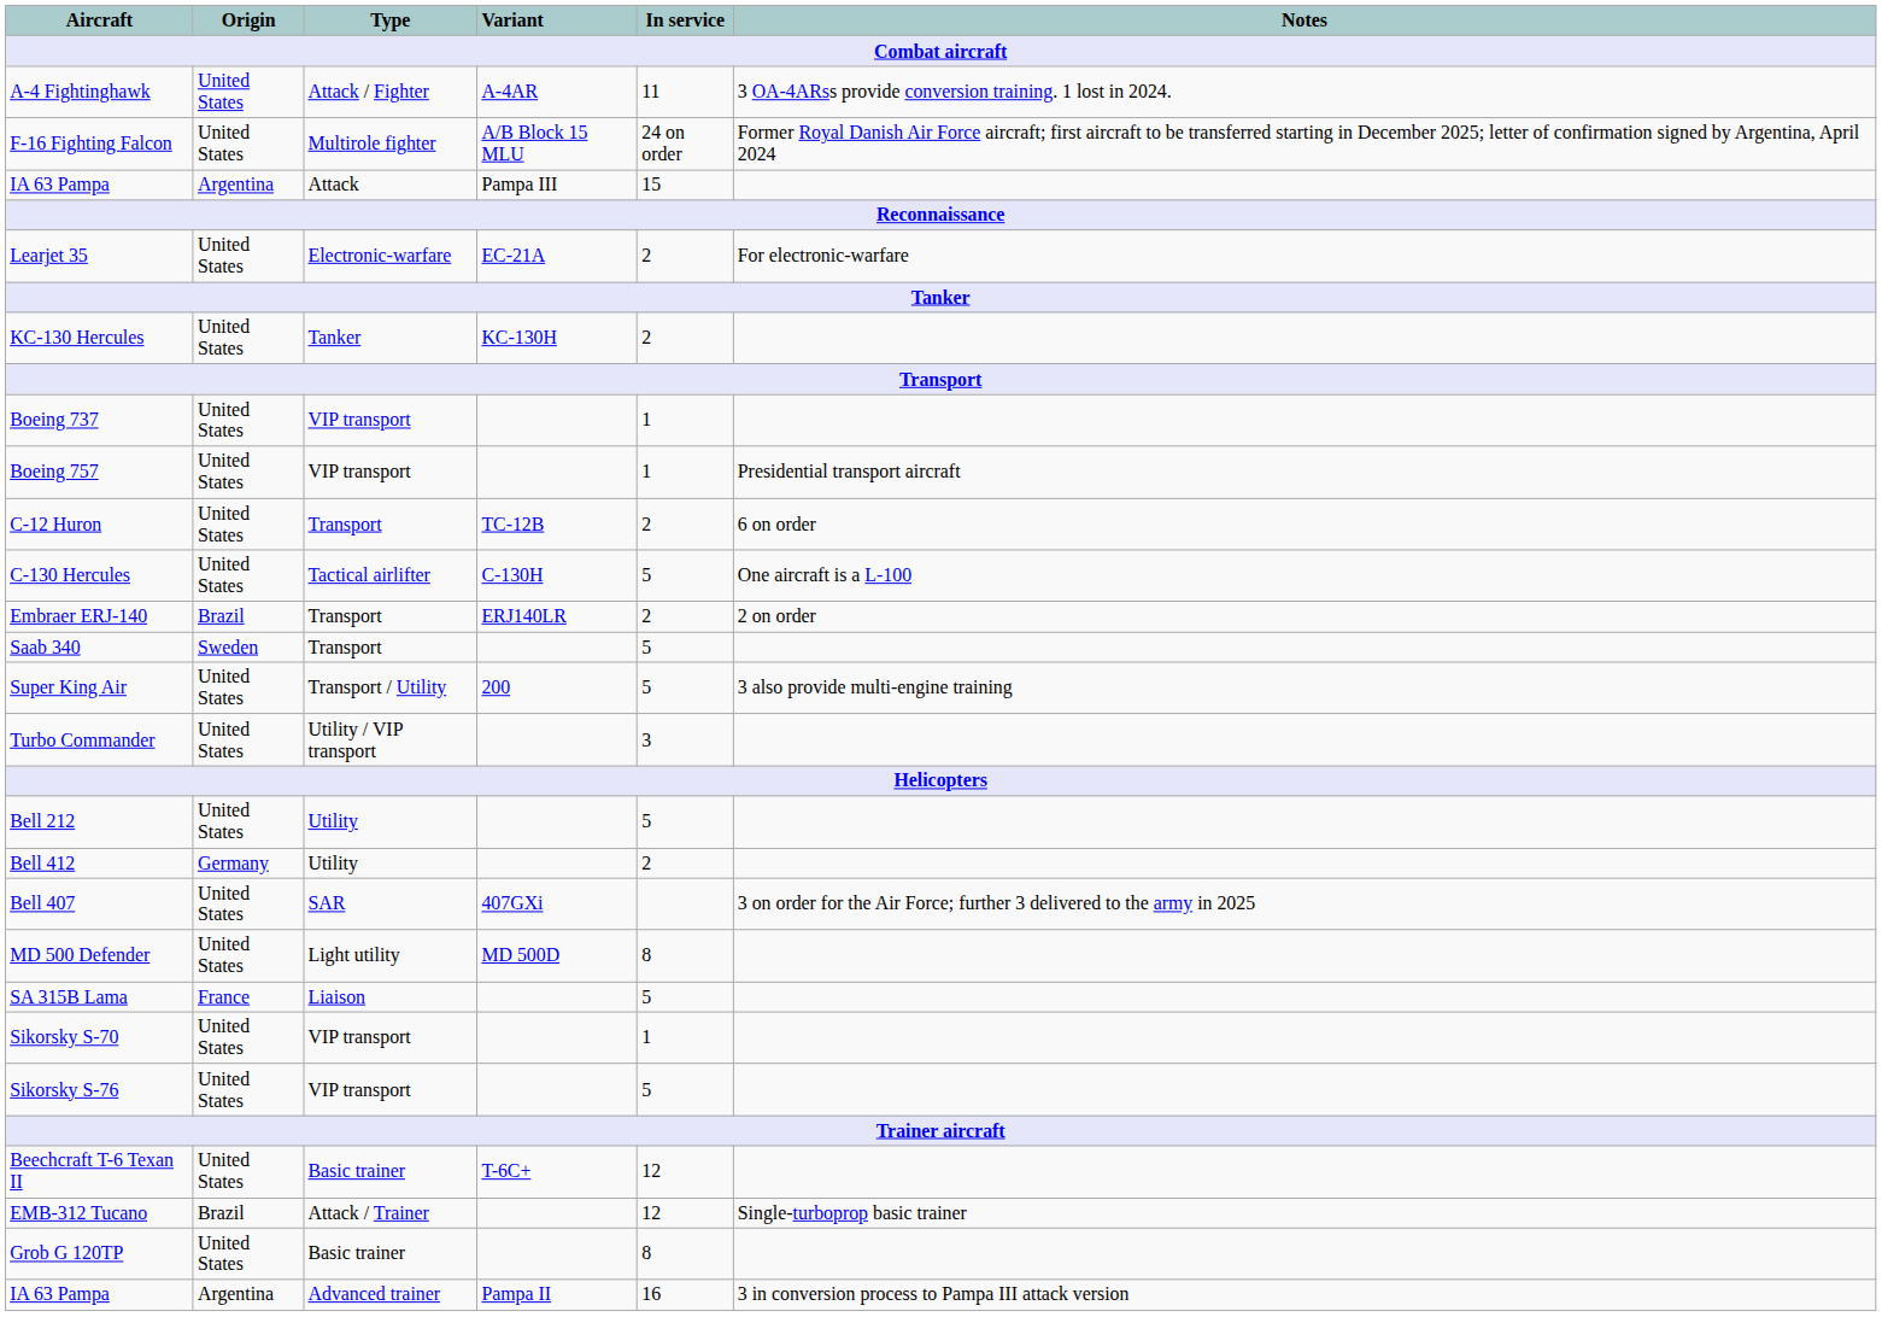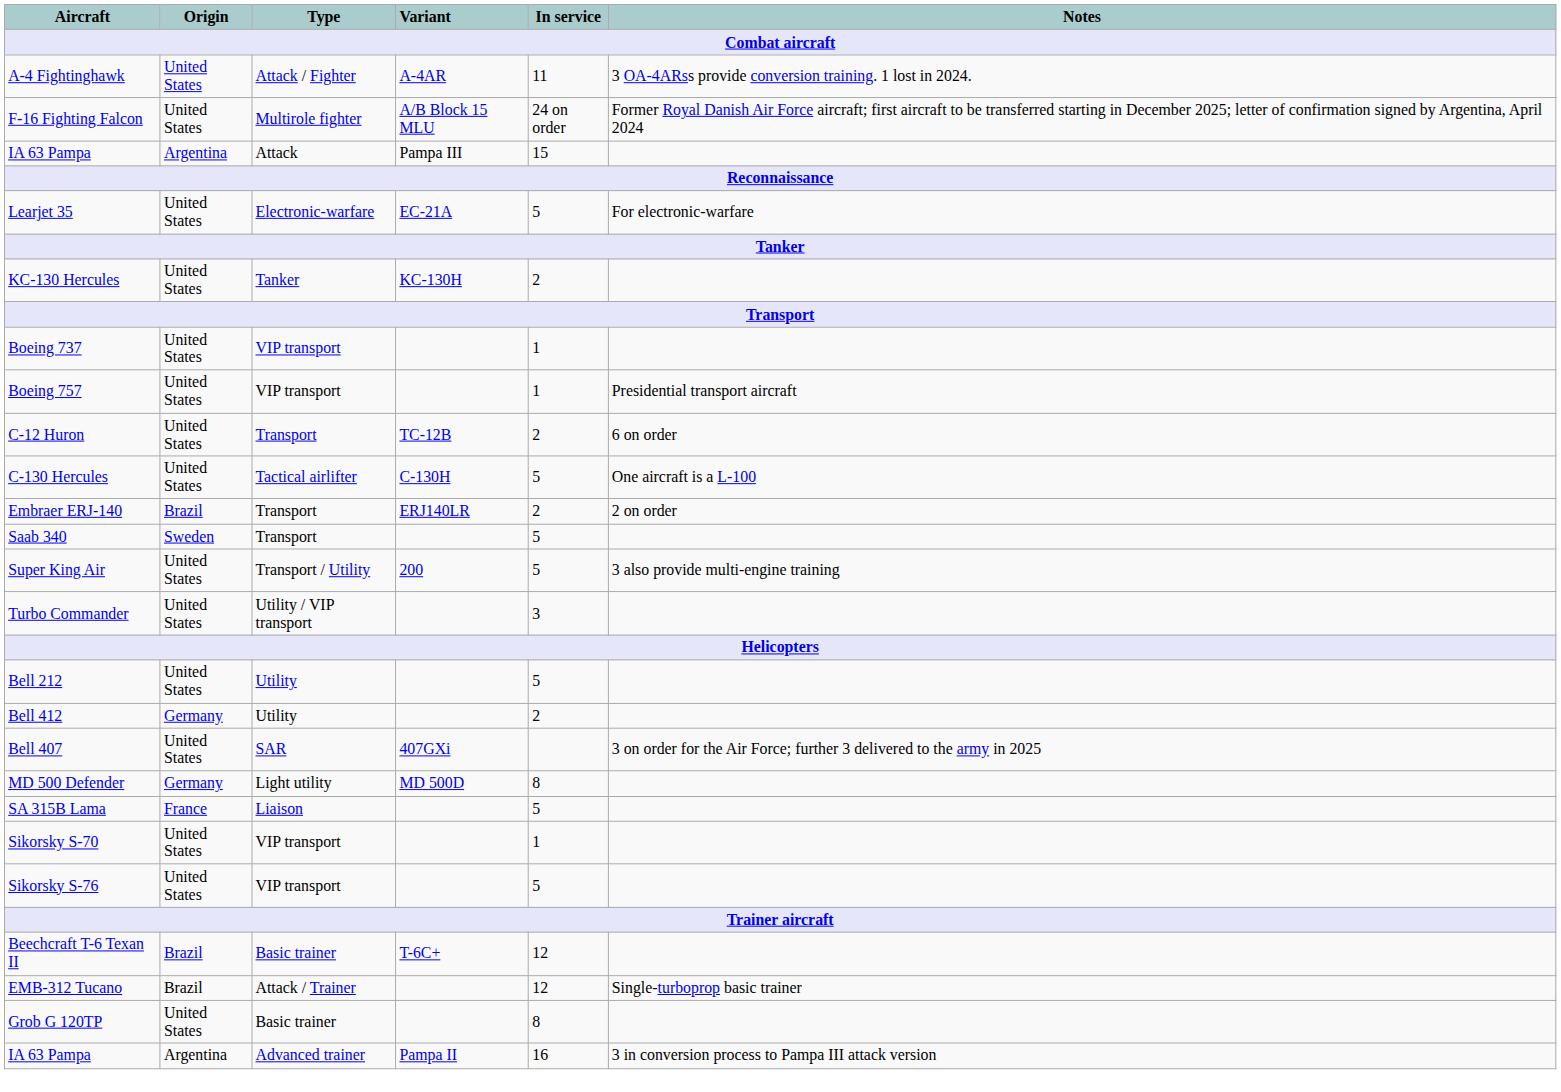 <table class="wikitable">
 <tr>
 <th style="text-align:center; background:#acc;">Aircraft</th>
 <th style="text-align: center; background:#acc;">Origin</th>
 <th style="text-align:l center; background:#acc;">Type</th>
 <th style="text-align:left; background:#acc;">Variant</th>
 <th style="text-align:center; background:#acc;">In service</th>
 <th style="text-align: center; background:#acc;">Notes</th>
 </tr>
 <tr>
 <th colspan="6" style="align: center; background: lavender;"><a href='#'>Combat aircraft</a></th>
 </tr>
 <tr>
 <td><a href='#'>A-4 Fightinghawk</a></td>
 <td><a href='#'>United States</a></td>
 <td><a href='#'>Attack</a> / <a href='#'>Fighter</a></td>
 <td><a href='#'>A-4AR</a></td>
 <td>11</td>
 <td>3 <a href='#'>OA-4ARs</a>s provide <a href='#'>conversion training</a>. 1 lost in 2024.</td>
 </tr>
 <tr>
 <td><a href='#'>F-16 Fighting Falcon</a></td>
 <td>United States</td>
 <td><a href='#'>Multirole fighter</a><br></td>
 <td><a href='#'>A/B Block 15 MLU</a></td>
 <td>24 on order</td>
 <td>Former <a href='#'>Royal Danish Air Force</a> aircraft; first aircraft to be transferred starting in December 2025; letter of confirmation signed by Argentina, April 2024</td>
 </tr>
 <tr>
 <td><a href='#'>IA 63 Pampa</a></td>
 <td><a href='#'>Argentina</a></td>
 <td>Attack</td>
 <td>Pampa III</td>
 <td>15</td>
 <td></td>
 </tr>
 <tr>
 <th colspan="6" style="align: center; background: lavender;"><a href='#'>Reconnaissance</a></th>
 </tr>
 <tr>
 <td><a href='#'>Learjet 35</a></td>
 <td>United States</td>
 <td><a href='#'>Electronic-warfare</a></td>
 <td><a href='#'>EC-21A</a></td>
-<td>2</td>
+<td>5</td>
 <td>For electronic-warfare</td>
 </tr>
 <tr>
 <th colspan="6" style="align: center; background: lavender;"><a href='#'>Tanker</a></th>
 </tr>
 <tr>
 <td><a href='#'>KC-130 Hercules</a></td>
 <td>United States</td>
 <td><a href='#'>Tanker</a></td>
 <td><a href='#'>KC-130H</a></td>
 <td>2</td>
 <td></td>
 </tr>
 <tr>
 <th colspan="6" style="align: center; background: lavender;"><a href='#'>Transport</a></th>
 </tr>
 <tr>
 <td><a href='#'>Boeing 737</a></td>
 <td>United States</td>
 <td><a href='#'>VIP transport</a></td>
 <td></td>
 <td>1</td>
 <td></td>
 </tr>
 <tr>
 <td><a href='#'>Boeing 757</a></td>
 <td>United States</td>
 <td>VIP transport</td>
 <td></td>
 <td>1</td>
 <td>Presidential transport aircraft</td>
 </tr>
 <tr>
 <td><a href='#'>C-12 Huron</a></td>
 <td>United States</td>
 <td><a href='#'>Transport</a></td>
 <td><a href='#'>TC-12B</a></td>
 <td>2</td>
 <td>6 on order</td>
 </tr>
 <tr>
 <td><a href='#'>C-130 Hercules</a></td>
 <td>United States</td>
 <td><a href='#'>Tactical airlifter</a></td>
 <td><a href='#'>C-130H</a></td>
 <td>5</td>
 <td>One aircraft is a <a href='#'>L-100</a></td>
 </tr>
 <tr>
 <td><a href='#'>Embraer ERJ-140</a></td>
 <td><a href='#'>Brazil</a></td>
 <td>Transport</td>
 <td><a href='#'>ERJ140LR</a></td>
 <td>2</td>
 <td>2 on order</td>
 </tr>
 <tr>
 <td><a href='#'>Saab 340</a></td>
 <td><a href='#'>Sweden</a></td>
 <td>Transport</td>
 <td></td>
 <td>5</td>
 <td></td>
 </tr>
 <tr>
 <td><a href='#'>Super King Air</a></td>
 <td>United States</td>
 <td>Transport / <a href='#'>Utility</a></td>
 <td><a href='#'>200</a></td>
 <td>5</td>
 <td>3 also provide multi-engine training</td>
 </tr>
 <tr>
 <td><a href='#'>Turbo Commander</a></td>
 <td>United States</td>
 <td>Utility / VIP transport</td>
 <td></td>
 <td>3</td>
 <td></td>
 </tr>
 <tr>
 <th colspan="6" style="align: center; background: lavender;"><a href='#'>Helicopters</a></th>
 </tr>
 <tr>
 <td><a href='#'>Bell 212</a></td>
 <td>United States</td>
 <td><a href='#'>Utility</a></td>
 <td></td>
 <td>5</td>
 <td></td>
 </tr>
 <tr>
 <td><a href='#'>Bell 412</a></td>
 <td><a href='#'>Germany</a></td>
 <td>Utility</td>
 <td></td>
 <td>2</td>
 <td></td>
 </tr>
 <tr>
 <td><a href='#'>Bell 407</a></td>
 <td>United States</td>
 <td><a href='#'>SAR</a></td>
 <td><a href='#'>407GXi</a></td>
 <td></td>
 <td>3 on order for the Air Force; further 3 delivered to the <a href='#'>army</a> in 2025</td>
 </tr>
 <tr>
 <td><a href='#'>MD 500 Defender</a></td>
-<td>United States</td>
+<td><a href='#'>Germany</a></td>
 <td>Light utility</td>
 <td><a href='#'>MD 500D</a></td>
 <td>8</td>
 <td></td>
 </tr>
 <tr>
 <td><a href='#'>SA 315B Lama</a></td>
 <td><a href='#'>France</a></td>
 <td><a href='#'>Liaison</a></td>
 <td></td>
 <td>5</td>
 <td></td>
 </tr>
 <tr>
 <td><a href='#'>Sikorsky S-70</a></td>
 <td>United States</td>
 <td>VIP transport</td>
 <td></td>
 <td>1</td>
 <td></td>
 </tr>
 <tr>
 <td><a href='#'>Sikorsky S-76</a></td>
 <td>United States</td>
 <td>VIP transport</td>
 <td></td>
 <td>5</td>
 <td></td>
 </tr>
 <tr>
 <th colspan="6" style="align: center; background: lavender;"><a href='#'>Trainer aircraft</a></th>
 </tr>
 <tr>
 <td><a href='#'>Beechcraft T-6 Texan II</a></td>
-<td>United States</td>
+<td><a href='#'>Brazil</a></td>
 <td><a href='#'>Basic trainer</a></td>
 <td><a href='#'>T-6C+</a></td>
 <td>12</td>
 <td></td>
 </tr>
 <tr>
 <td><a href='#'>EMB-312 Tucano</a></td>
 <td>Brazil</td>
 <td>Attack / <a href='#'>Trainer</a></td>
 <td></td>
 <td>12</td>
 <td>Single-<a href='#'>turboprop</a> basic trainer</td>
 </tr>
 <tr>
 <td><a href='#'>Grob G 120TP</a></td>
 <td>United States</td>
 <td>Basic trainer</td>
 <td></td>
 <td>8</td>
 <td></td>
 </tr>
 <tr>
 <td><a href='#'>IA 63 Pampa</a></td>
 <td>Argentina</td>
 <td><a href='#'>Advanced trainer</a></td>
 <td><a href='#'>Pampa II</a></td>
 <td>16</td>
 <td>3 in conversion process to Pampa III attack version</td>
 </tr>
 </table>
